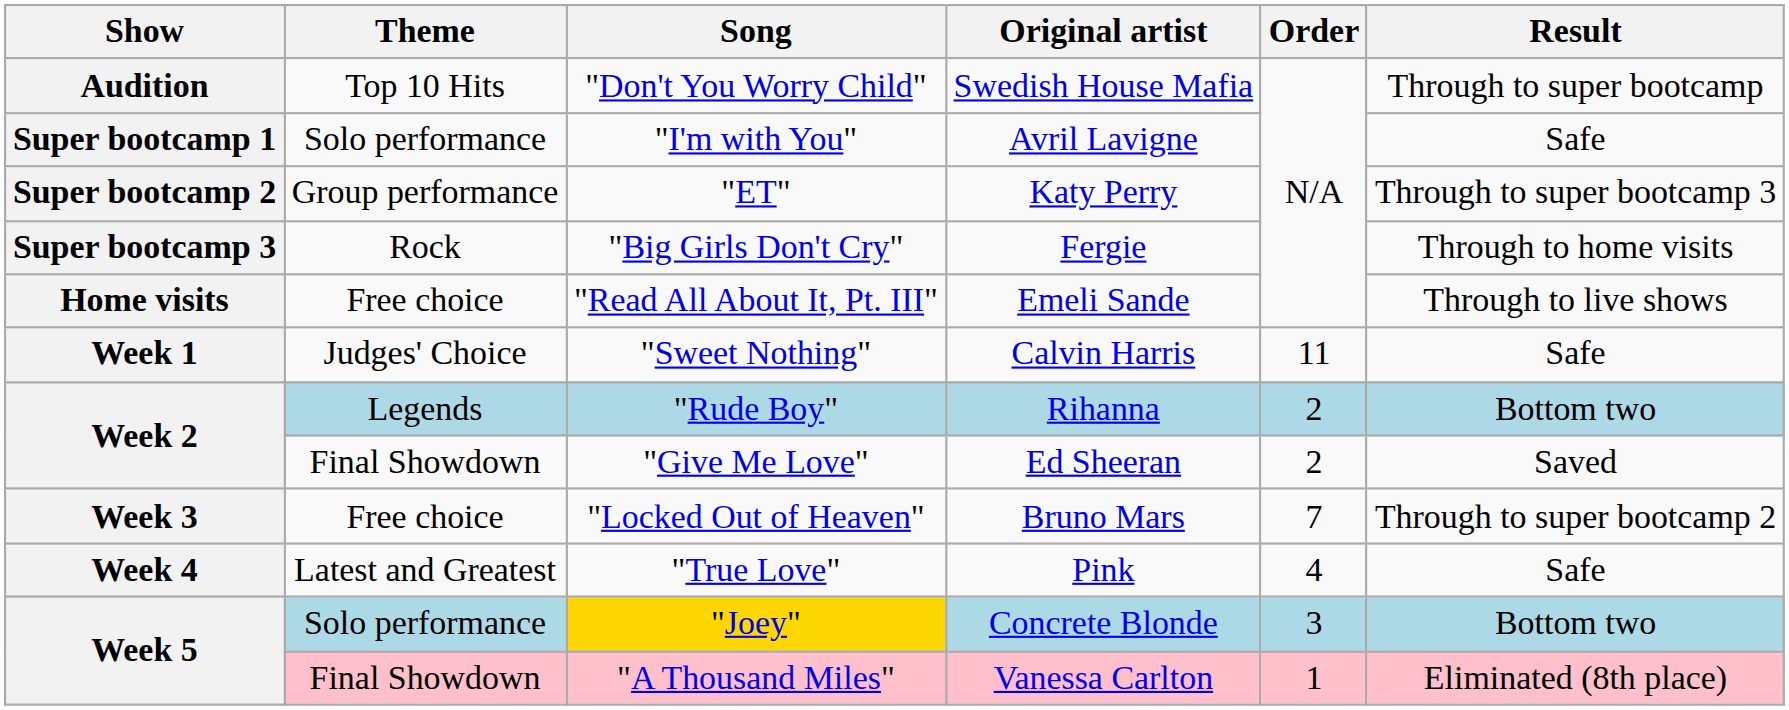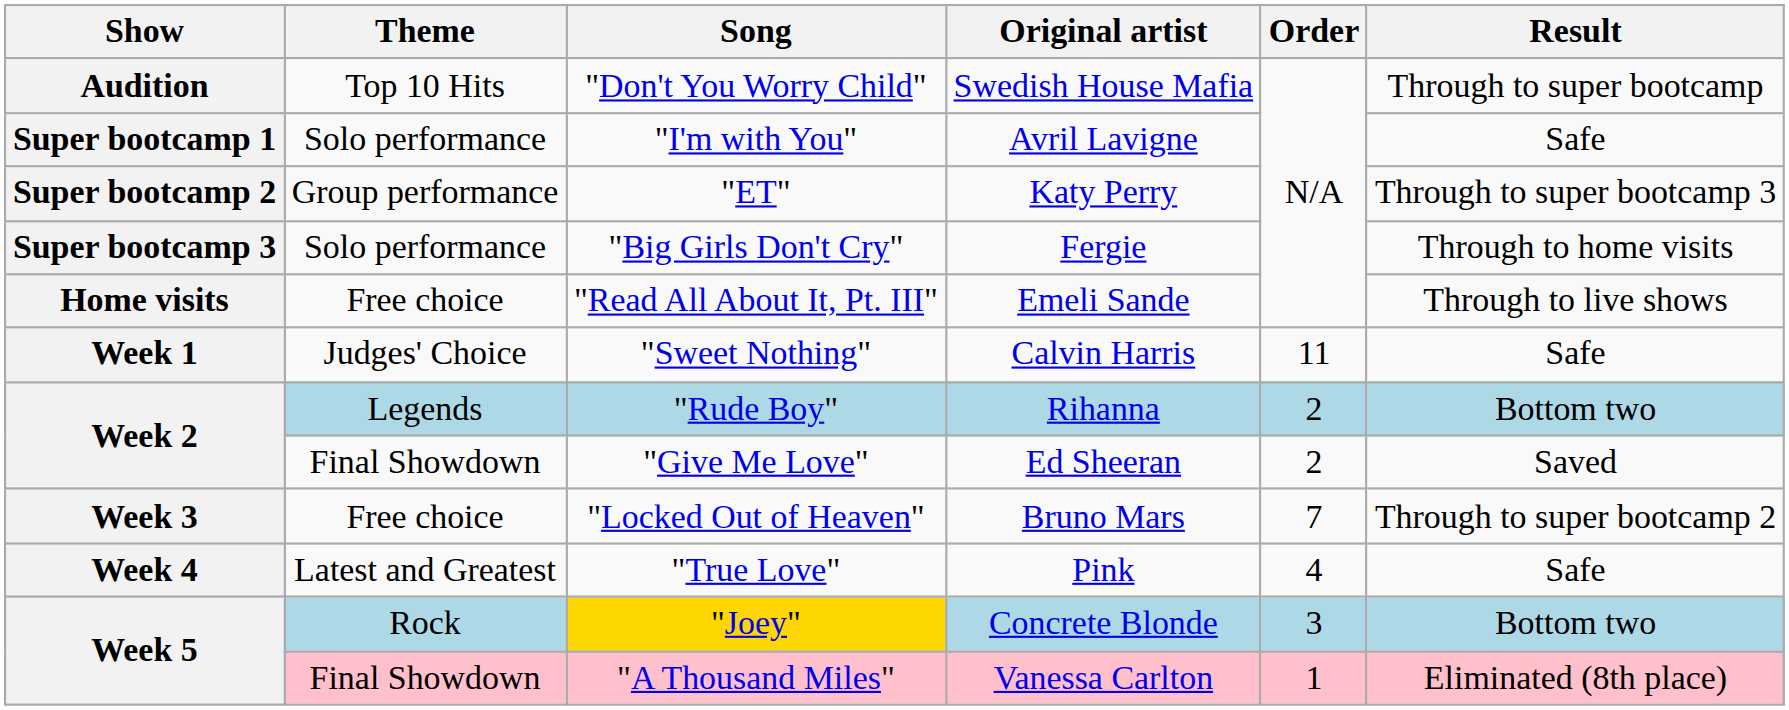 <table class="wikitable collapsible collapsed" style="text-align:center;">
 <tr>
 <th scope="col">Show</th>
 <th scope="col">Theme</th>
 <th scope="col">Song</th>
 <th scope="col">Original artist</th>
 <th scope="col">Order</th>
 <th scope="col">Result</th>
 </tr>
 <tr>
 <th scope="row">Audition</th>
 <td>Top 10 Hits</td>
 <td>"<a href='#'>Don't You Worry Child</a>"</td>
 <td><a href='#'>Swedish House Mafia</a></td>
 <td rowspan="5">N/A</td>
 <td>Through to super bootcamp</td>
 </tr>
 <tr>
 <th scope="row">Super bootcamp 1</th>
 <td>Solo performance</td>
 <td>"<a href='#'>I'm with You</a>"</td>
 <td><a href='#'>Avril Lavigne</a></td>
 <td>Safe</td>
 </tr>
 <tr>
 <th scope="row">Super bootcamp 2</th>
 <td>Group performance</td>
 <td>"<a href='#'>ET</a>"</td>
 <td><a href='#'>Katy Perry</a></td>
 <td>Through to super bootcamp 3</td>
 </tr>
 <tr>
 <th scope="row">Super bootcamp 3</th>
-<td>Rock</td>
+<td>Solo performance</td>
 <td>"<a href='#'>Big Girls Don't Cry</a>"</td>
 <td><a href='#'>Fergie</a></td>
 <td>Through to home visits</td>
 </tr>
 <tr>
 <th scope="row">Home visits</th>
 <td>Free choice</td>
 <td>"<a href='#'>Read All About It, Pt. III</a>"</td>
 <td><a href='#'>Emeli Sande</a></td>
 <td>Through to live shows</td>
 </tr>
 <tr>
 <th scope="row">Week 1</th>
 <td>Judges' Choice</td>
 <td>"<a href='#'>Sweet Nothing</a>"</td>
 <td><a href='#'>Calvin Harris</a></td>
 <td>11</td>
 <td>Safe</td>
 </tr>
 <tr style="background:lightblue;">
 <th scope="row" rowspan="2">Week 2</th>
 <td>Legends</td>
 <td>"<a href='#'>Rude Boy</a>"</td>
 <td><a href='#'>Rihanna</a></td>
 <td>2</td>
 <td>Bottom two</td>
 </tr>
 <tr>
 <td>Final Showdown</td>
 <td>"<a href='#'>Give Me Love</a>"</td>
 <td><a href='#'>Ed Sheeran</a></td>
 <td>2</td>
 <td>Saved</td>
 </tr>
 <tr>
 <th scope="row">Week 3</th>
 <td>Free choice</td>
 <td>"<a href='#'>Locked Out of Heaven</a>"</td>
 <td><a href='#'>Bruno Mars</a></td>
 <td>7</td>
 <td>Through to super bootcamp 2</td>
 </tr>
 <tr>
 <th scope="row">Week 4</th>
 <td>Latest and Greatest</td>
 <td>"<a href='#'>True Love</a>"</td>
 <td><a href='#'>Pink</a></td>
 <td>4</td>
 <td>Safe</td>
 </tr>
 <tr style="background:lightblue;">
 <th scope="row" rowspan="2">Week 5</th>
-<td>Solo performance</td>
+<td>Rock</td>
 <td style="background:gold;">"<a href='#'>Joey</a>"</td>
 <td><a href='#'>Concrete Blonde</a></td>
 <td>3</td>
 <td>Bottom two</td>
 </tr>
 <tr style="background:pink;">
 <td>Final Showdown</td>
 <td>"<a href='#'>A Thousand Miles</a>"</td>
 <td><a href='#'>Vanessa Carlton</a></td>
 <td>1</td>
 <td>Eliminated (8th place)</td>
 </tr>
 </table>
